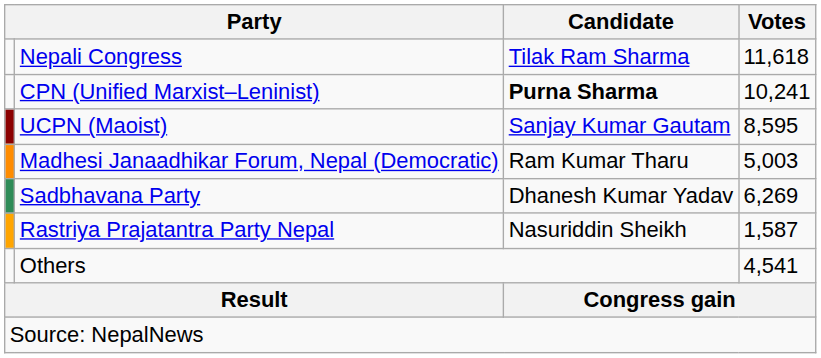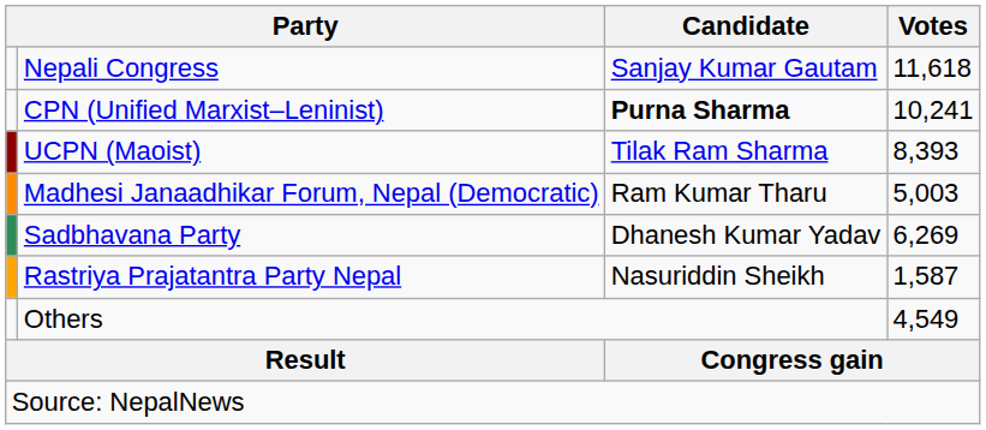 <table class="wikitable">
 <tr>
 <th colspan="2">Party</th>
 <th>Candidate</th>
 <th>Votes</th>
 </tr>
 <tr>
 <td style="background-color:"></td>
 <td><a href='#'>Nepali Congress</a></td>
-<td><a href='#'>Tilak Ram Sharma</a></td>
+<td><a href='#'>Sanjay Kumar Gautam</a></td>
 <td>11,618</td>
 </tr>
 <tr>
 <td style="background-color:"></td>
 <td><a href='#'>CPN (Unified Marxist–Leninist)</a></td>
 <td><strong>Purna Sharma</strong></td>
 <td>10,241</td>
 </tr>
 <tr>
 <td style="background-color:darkred"></td>
 <td><a href='#'>UCPN (Maoist)</a></td>
-<td><a href='#'>Sanjay Kumar Gautam</a></td>
-<td>8,595</td>
+<td><a href='#'>Tilak Ram Sharma</a></td>
+<td>8,393</td>
 </tr>
 <tr>
 <td style="background-color:darkorange"></td>
 <td><a href='#'>Madhesi Janaadhikar Forum, Nepal (Democratic)</a></td>
 <td>Ram Kumar Tharu</td>
 <td>5,003</td>
 </tr>
 <tr>
 <td style="background-color:seagreen"></td>
 <td><a href='#'>Sadbhavana Party</a></td>
 <td>Dhanesh Kumar Yadav</td>
 <td>6,269</td>
 </tr>
 <tr>
 <td style="background-color:orange"></td>
 <td><a href='#'>Rastriya Prajatantra Party Nepal</a></td>
 <td>Nasuriddin Sheikh</td>
 <td>1,587</td>
 </tr>
 <tr>
 <td></td>
 <td colspan="2">Others</td>
-<td>4,541</td>
+<td>4,549</td>
 </tr>
 <tr>
 <th colspan="2">Result</th>
 <th colspan="2">Congress gain</th>
 </tr>
 <tr>
 <td colspan="4">Source: NepalNews</td>
 </tr>
 </table>
